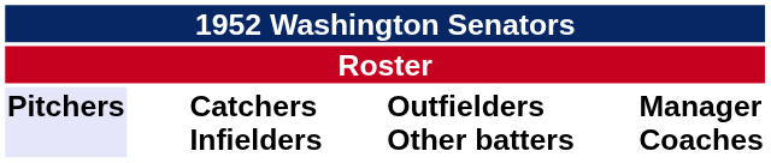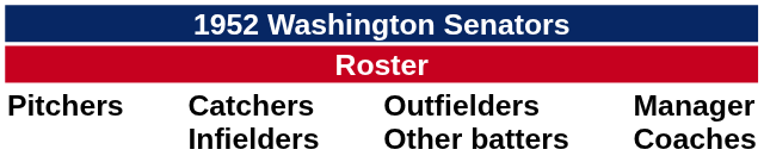 <table class="toccolours" style="font-size: 95%;">
 <tr>
 <th colspan="10" style="background-color: #072764; color: white; text-align: center;">1952 Washington Senators</th>
 </tr>
 <tr>
 <td colspan="10" style="background-color: #c6011f; color: white; text-align: center;"><strong>Roster</strong></td>
 </tr>
 <tr>
-<td valign="top" style="background: lavender;"><strong>Pitchers</strong><br>                 </td>
+<td valign="top"><strong>Pitchers</strong><br>                 </td>
 <td width="25px"></td>
 <td valign="top"><strong>Catchers</strong><br>    <strong>Infielders</strong>          </td>
 <td width="25px"></td>
 <td valign="top"><strong>Outfielders</strong><br>          <strong>Other batters</strong> </td>
 <td width="25px"></td>
 <td valign="top"><strong>Manager</strong><br> <strong>Coaches</strong>    </td>
 </tr>
 <tr>
 </tr>
 </table>
